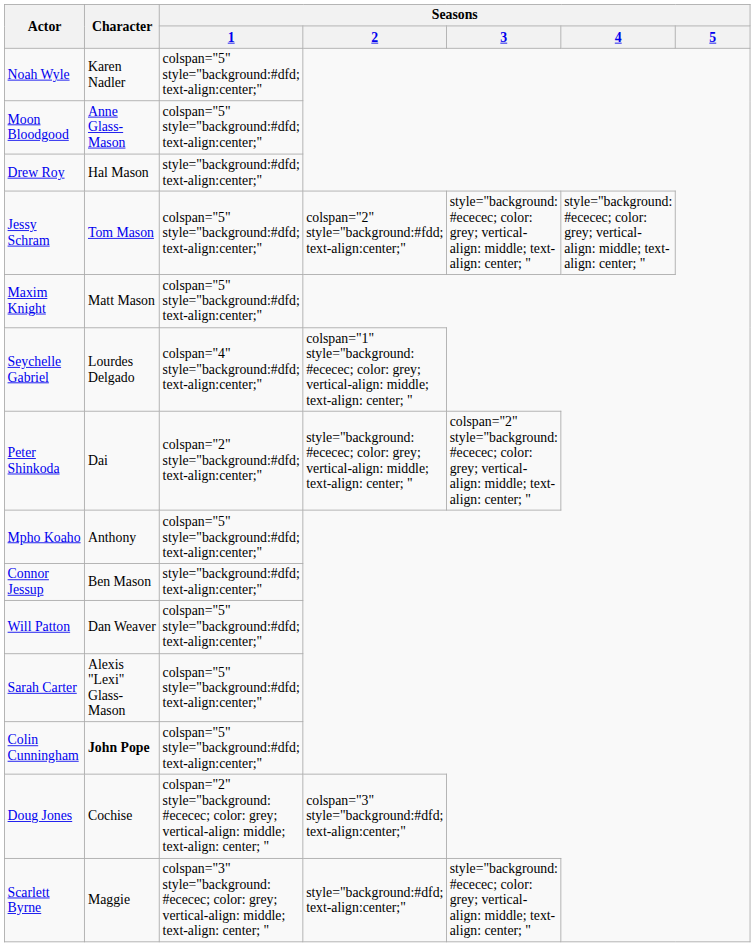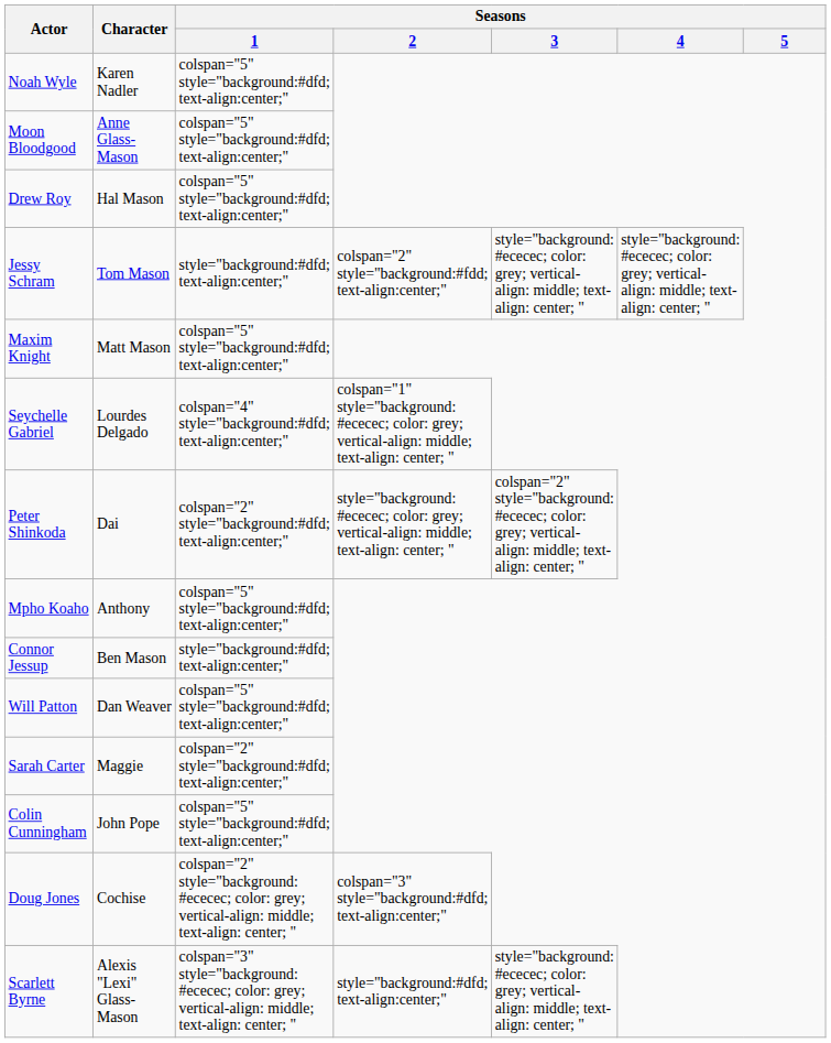 <table class="wikitable">
 <tr>
 <th rowspan="2">Actor</th>
 <th rowspan="2">Character</th>
 <th colspan="5" class="unsortable">Seasons</th>
 </tr>
 <tr>
 <th class="unsortable" style="width:10%;"><a href='#'>1</a></th>
 <th class="unsortable" style="width:10%;"><a href='#'>2</a></th>
 <th class="unsortable" style="width:10%;"><a href='#'>3</a></th>
 <th class="unsortable" style="width:10%;"><a href='#'>4</a></th>
 <th class="unsortable" style="width:10%;"><a href='#'>5</a></th>
 </tr>
 <tr>
 <td><a href='#'>Noah Wyle</a></td>
 <td>Karen Nadler</td>
 <td>colspan="5" style="background:#dfd; text-align:center;" </td>
 </tr>
 <tr>
 <td><a href='#'>Moon Bloodgood</a></td>
 <td><a href='#'>Anne Glass-Mason</a></td>
 <td>colspan="5" style="background:#dfd; text-align:center;" </td>
 </tr>
 <tr>
 <td><a href='#'>Drew Roy</a></td>
 <td>Hal Mason</td>
-<td>style="background:#dfd; text-align:center;" </td>
+<td>colspan="5" style="background:#dfd; text-align:center;" </td>
 </tr>
 <tr>
 <td><a href='#'>Jessy Schram</a></td>
 <td><a href='#'>Tom Mason</a></td>
-<td>colspan="5" style="background:#dfd; text-align:center;" </td>
+<td>style="background:#dfd; text-align:center;" </td>
 <td>colspan="2" style="background:#fdd; text-align:center;" </td>
 <td>style="background: #ececec; color: grey; vertical-align: middle; text-align: center; " </td>
 <td>style="background: #ececec; color: grey; vertical-align: middle; text-align: center; " </td>
 </tr>
 <tr>
 <td><a href='#'>Maxim Knight</a></td>
 <td>Matt Mason</td>
 <td>colspan="5" style="background:#dfd; text-align:center;" </td>
 </tr>
 <tr>
 <td><a href='#'>Seychelle Gabriel</a></td>
 <td>Lourdes Delgado</td>
 <td>colspan="4" style="background:#dfd; text-align:center;" </td>
 <td>colspan="1" style="background: #ececec; color: grey; vertical-align: middle; text-align: center; " </td>
 </tr>
 <tr>
 <td><a href='#'>Peter Shinkoda</a></td>
 <td>Dai</td>
 <td>colspan="2" style="background:#dfd; text-align:center;" </td>
 <td>style="background: #ececec; color: grey; vertical-align: middle; text-align: center; " </td>
 <td>colspan="2" style="background: #ececec; color: grey; vertical-align: middle; text-align: center; " </td>
 </tr>
 <tr>
 <td><a href='#'>Mpho Koaho</a></td>
 <td>Anthony</td>
 <td>colspan="5" style="background:#dfd; text-align:center;" </td>
 </tr>
 <tr>
 <td><a href='#'>Connor Jessup</a></td>
 <td>Ben Mason</td>
 <td>style="background:#dfd; text-align:center;" </td>
 </tr>
 <tr>
 <td><a href='#'>Will Patton</a></td>
 <td>Dan Weaver</td>
 <td>colspan="5" style="background:#dfd; text-align:center;" </td>
 </tr>
 <tr>
 <td><a href='#'>Sarah Carter</a></td>
-<td>Alexis "Lexi" Glass-Mason</td>
-<td>colspan="5" style="background:#dfd; text-align:center;" </td>
+<td>Maggie</td>
+<td>colspan="2" style="background:#dfd; text-align:center;" </td>
 </tr>
 <tr>
 <td><a href='#'>Colin Cunningham</a></td>
-<td><strong>John Pope</strong></td>
+<td>John Pope</td>
 <td>colspan="5" style="background:#dfd; text-align:center;" </td>
 </tr>
 <tr>
 <td><a href='#'>Doug Jones</a></td>
 <td>Cochise</td>
 <td>colspan="2" style="background: #ececec; color: grey; vertical-align: middle; text-align: center; " </td>
 <td>colspan="3" style="background:#dfd; text-align:center;" </td>
 </tr>
 <tr>
 <td><a href='#'>Scarlett Byrne</a></td>
-<td>Maggie</td>
+<td>Alexis "Lexi" Glass-Mason</td>
 <td>colspan="3" style="background: #ececec; color: grey; vertical-align: middle; text-align: center; " </td>
 <td>style="background:#dfd; text-align:center;" </td>
 <td>style="background: #ececec; color: grey; vertical-align: middle; text-align: center; " </td>
 </tr>
 </table>
